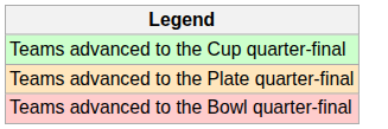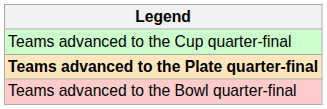 <table class="wikitable">
 <tr>
 <th>Legend</th>
 </tr>
 <tr bgcolor=ccffcc>
 <td align=left>Teams advanced to the Cup quarter-final</td>
 </tr>
 <tr bgcolor=ffe6bd>
-<td align=left>Teams advanced to the Plate quarter-final</td>
+<td align=left><strong>Teams advanced to the Plate quarter-final</strong></td>
 </tr>
 <tr bgcolor=ffcccc>
 <td align=left>Teams advanced to the Bowl quarter-final</td>
 </tr>
 </table>
